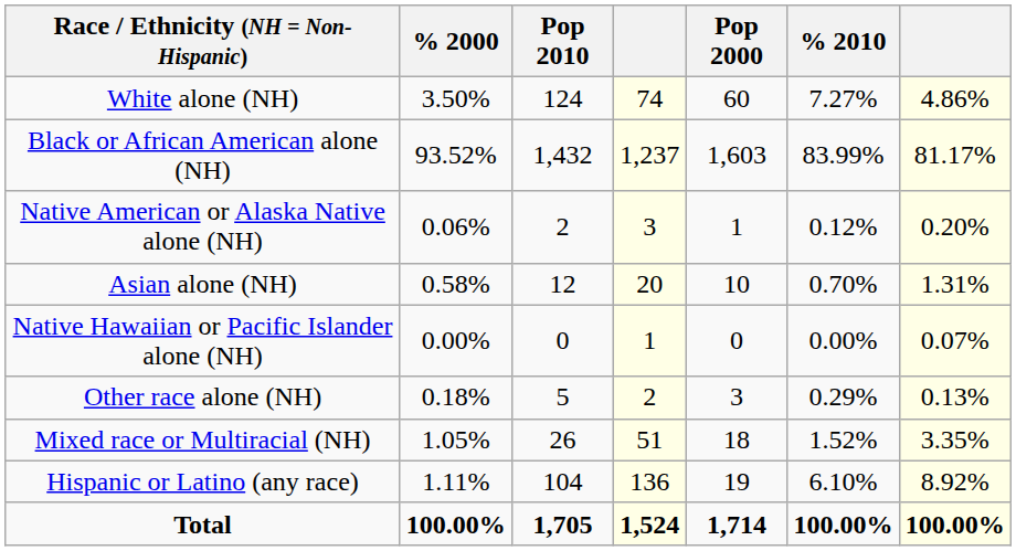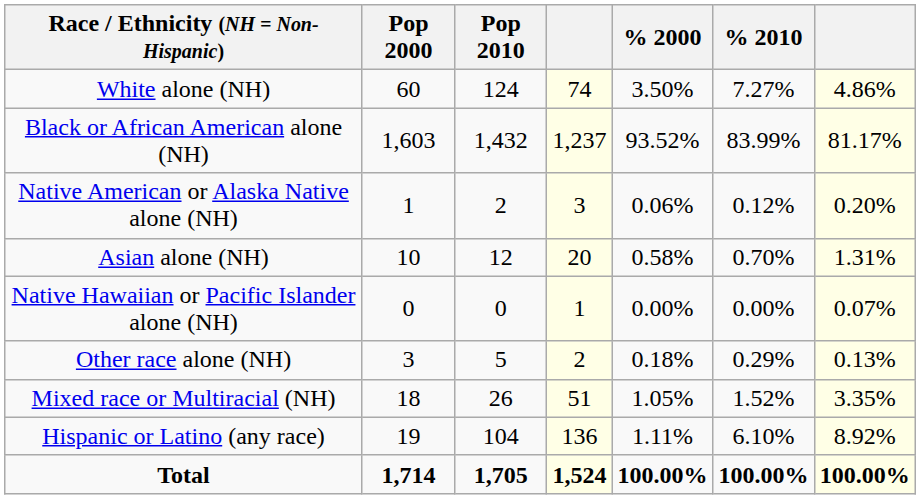 <table class="wikitable" style="text-align:center;">
 <tr>
 <th>Race / Ethnicity <small>(<em>NH = Non-Hispanic</em>)</small></th>
-<th>% 2000</th>
+<th>Pop 2000</th>
 <th>Pop 2010</th>
 <th></th>
-<th>Pop 2000</th>
+<th>% 2000</th>
 <th>% 2010</th>
 <th></th>
 </tr>
 <tr>
 <td><a href='#'>White</a> alone (NH)</td>
-<td>3.50%</td>
+<td>60</td>
 <td>124</td>
 <td style='background: #ffffe6;'>74</td>
-<td>60</td>
+<td>3.50%</td>
 <td>7.27%</td>
 <td style='background: #ffffe6;'>4.86%</td>
 </tr>
 <tr>
 <td><a href='#'>Black or African American</a> alone (NH)</td>
-<td>93.52%</td>
+<td>1,603</td>
 <td>1,432</td>
 <td style='background: #ffffe6;'>1,237</td>
-<td>1,603</td>
+<td>93.52%</td>
 <td>83.99%</td>
 <td style='background: #ffffe6;'>81.17%</td>
 </tr>
 <tr>
 <td><a href='#'>Native American</a> or <a href='#'>Alaska Native</a> alone (NH)</td>
-<td>0.06%</td>
+<td>1</td>
 <td>2</td>
 <td style='background: #ffffe6;'>3</td>
-<td>1</td>
+<td>0.06%</td>
 <td>0.12%</td>
 <td style='background: #ffffe6;'>0.20%</td>
 </tr>
 <tr>
 <td><a href='#'>Asian</a> alone (NH)</td>
-<td>0.58%</td>
+<td>10</td>
 <td>12</td>
 <td style='background: #ffffe6;'>20</td>
-<td>10</td>
+<td>0.58%</td>
 <td>0.70%</td>
 <td style='background: #ffffe6;'>1.31%</td>
 </tr>
 <tr>
 <td><a href='#'>Native Hawaiian</a> or <a href='#'>Pacific Islander</a> alone (NH)</td>
-<td>0.00%</td>
+<td>0</td>
 <td>0</td>
 <td style='background: #ffffe6;'>1</td>
-<td>0</td>
+<td>0.00%</td>
 <td>0.00%</td>
 <td style='background: #ffffe6;'>0.07%</td>
 </tr>
 <tr>
 <td><a href='#'>Other race</a> alone (NH)</td>
-<td>0.18%</td>
+<td>3</td>
 <td>5</td>
 <td style='background: #ffffe6;'>2</td>
-<td>3</td>
+<td>0.18%</td>
 <td>0.29%</td>
 <td style='background: #ffffe6;'>0.13%</td>
 </tr>
 <tr>
 <td><a href='#'>Mixed race or Multiracial</a> (NH)</td>
-<td>1.05%</td>
+<td>18</td>
 <td>26</td>
 <td style='background: #ffffe6;'>51</td>
-<td>18</td>
+<td>1.05%</td>
 <td>1.52%</td>
 <td style='background: #ffffe6;'>3.35%</td>
 </tr>
 <tr>
 <td><a href='#'>Hispanic or Latino</a> (any race)</td>
-<td>1.11%</td>
+<td>19</td>
 <td>104</td>
 <td style='background: #ffffe6;'>136</td>
-<td>19</td>
+<td>1.11%</td>
 <td>6.10%</td>
 <td style='background: #ffffe6;'>8.92%</td>
 </tr>
 <tr>
 <td><strong>Total</strong></td>
-<td><strong>100.00%</strong></td>
+<td><strong>1,714</strong></td>
 <td><strong>1,705</strong></td>
 <td style='background: #ffffe6;'><strong>1,524</strong></td>
-<td><strong>1,714</strong></td>
+<td><strong>100.00%</strong></td>
 <td><strong>100.00%</strong></td>
 <td style='background: #ffffe6;'><strong>100.00%</strong></td>
 </tr>
 </table>
